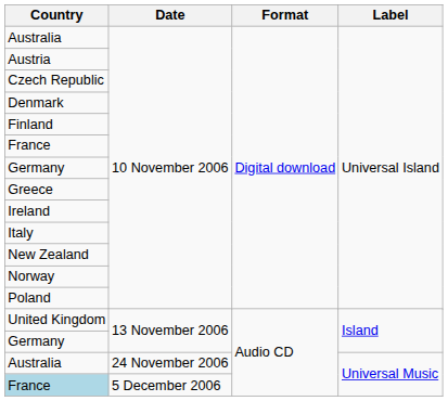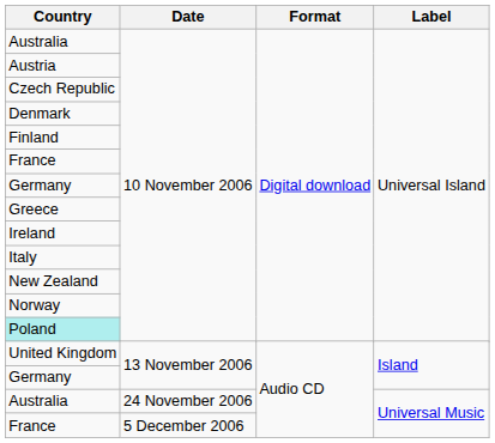 <table class="wikitable plainrowheaders">
 <tr>
 <th scope="col">Country</th>
 <th scope="col">Date</th>
 <th scope="col">Format</th>
 <th scope="col">Label</th>
 </tr>
 <tr>
 <td>Australia</td>
 <td rowspan="14">10 November 2006</td>
 <td rowspan="14"><a href='#'>Digital download</a></td>
 <td rowspan="14">Universal Island</td>
 </tr>
 <tr>
 <td>Austria</td>
 </tr>
 <tr>
 <td>Czech Republic</td>
 </tr>
 <tr>
 <td>Denmark</td>
 </tr>
 <tr>
 <td>Finland</td>
 </tr>
 <tr>
 <td>France</td>
 </tr>
 <tr>
 <td>Germany</td>
 </tr>
 <tr>
 <td>Greece</td>
 </tr>
 <tr>
 <td>Ireland</td>
 </tr>
 <tr>
 <td>Italy</td>
 </tr>
 <tr>
 <td>New Zealand</td>
 </tr>
 <tr>
 <td>Norway</td>
 </tr>
 <tr>
-<td>Poland</td>
+<td style="background: paleturquoise;">Poland</td>
 </tr>
 <tr>
 <td rowspan="2">United Kingdom</td>
 </tr>
 <tr>
 <td rowspan="2">13 November 2006</td>
 <td rowspan="4">Audio CD</td>
 <td rowspan="2"><a href='#'>Island</a></td>
 </tr>
 <tr>
 <td>Germany</td>
 </tr>
 <tr>
 <td>Australia</td>
 <td>24 November 2006</td>
 <td rowspan="2"><a href='#'>Universal Music</a></td>
 </tr>
 <tr>
-<td style="background: lightblue;">France</td>
+<td>France</td>
 <td>5 December 2006</td>
 </tr>
 </table>
